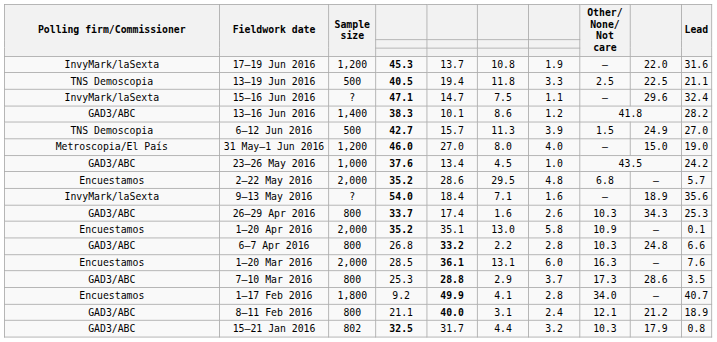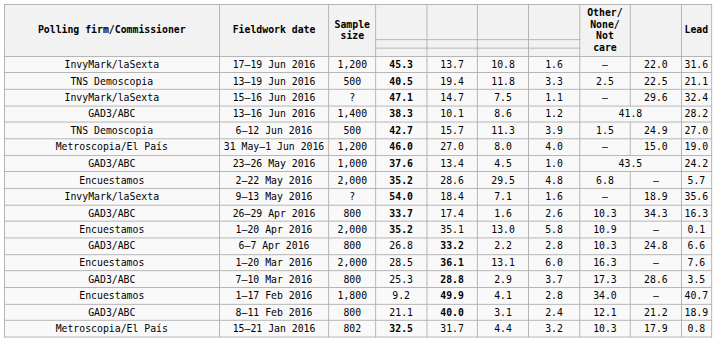 <table class="wikitable collapsible collapsed" style="text-align:center; font-size:90%; line-height:14px;">
 <tr style="height:42px;">
 <th style="width:250px;" rowspan="3">Polling firm/Commissioner</th>
 <th style="width:125px;" rowspan="3">Fieldwork date</th>
 <th style="width:50px;" rowspan="3">Sample size</th>
 <th style="width:55px;"></th>
 <th style="width:55px;"></th>
 <th style="width:55px;"></th>
 <th style="width:55px;"></th>
 <th style="width:55px;" rowspan="3">Other/<br>None/<br>Not<br>care</th>
 <th style="width:55px;" rowspan="3"></th>
 <th style="width:30px;" rowspan="3">Lead</th>
 </tr>
 <tr>
 <th style="color:inherit;background:"></th>
 <th style="color:inherit;background:"></th>
 <th style="color:inherit;background:"></th>
 <th style="color:inherit;background:"></th>
 </tr>
 <tr>
 <th></th>
 <th></th>
 <th></th>
 <th></th>
 </tr>
 <tr>
 <td>InvyMark/laSexta</td>
 <td>17–19 Jun 2016</td>
 <td>1,200</td>
 <td><strong>45.3</strong></td>
 <td>13.7</td>
 <td>10.8</td>
-<td>1.9</td>
+<td>1.6</td>
 <td>–</td>
 <td>22.0</td>
 <td style="background:">31.6</td>
 </tr>
 <tr>
 <td>TNS Demoscopia</td>
 <td>13–19 Jun 2016</td>
 <td>500</td>
 <td><strong>40.5</strong></td>
 <td>19.4</td>
 <td>11.8</td>
 <td>3.3</td>
 <td>2.5</td>
 <td>22.5</td>
 <td style="background:">21.1</td>
 </tr>
 <tr>
 <td>InvyMark/laSexta</td>
 <td>15–16 Jun 2016</td>
 <td>?</td>
 <td><strong>47.1</strong></td>
 <td>14.7</td>
 <td>7.5</td>
 <td>1.1</td>
 <td>–</td>
 <td>29.6</td>
 <td style="background:">32.4</td>
 </tr>
 <tr>
 <td>GAD3/ABC</td>
 <td>13–16 Jun 2016</td>
 <td>1,400</td>
 <td><strong>38.3</strong></td>
 <td>10.1</td>
 <td>8.6</td>
 <td>1.2</td>
 <td colspan="2">41.8</td>
 <td style="background:">28.2</td>
 </tr>
 <tr>
 <td>TNS Demoscopia</td>
 <td>6–12 Jun 2016</td>
 <td>500</td>
 <td><strong>42.7</strong></td>
 <td>15.7</td>
 <td>11.3</td>
 <td>3.9</td>
 <td>1.5</td>
 <td>24.9</td>
 <td style="background:">27.0</td>
 </tr>
 <tr>
 <td>Metroscopia/El País</td>
 <td>31 May–1 Jun 2016</td>
 <td>1,200</td>
 <td><strong>46.0</strong></td>
 <td>27.0</td>
 <td>8.0</td>
 <td>4.0</td>
 <td>–</td>
 <td>15.0</td>
 <td style="background:">19.0</td>
 </tr>
 <tr>
 <td>GAD3/ABC</td>
 <td>23–26 May 2016</td>
 <td>1,000</td>
 <td><strong>37.6</strong></td>
 <td>13.4</td>
 <td>4.5</td>
 <td>1.0</td>
 <td colspan="2">43.5</td>
 <td style="background:">24.2</td>
 </tr>
 <tr>
 <td>Encuestamos</td>
 <td>2–22 May 2016</td>
 <td>2,000</td>
 <td><strong>35.2</strong></td>
 <td>28.6</td>
 <td>29.5</td>
 <td>4.8</td>
 <td>6.8</td>
 <td>–</td>
 <td style="background:">5.7</td>
 </tr>
 <tr>
 <td>InvyMark/laSexta</td>
 <td>9–13 May 2016</td>
 <td>?</td>
 <td><strong>54.0</strong></td>
 <td>18.4</td>
 <td>7.1</td>
 <td>1.6</td>
 <td>–</td>
 <td>18.9</td>
 <td style="background:">35.6</td>
 </tr>
 <tr>
 <td>GAD3/ABC</td>
 <td>26–29 Apr 2016</td>
 <td>800</td>
 <td><strong>33.7</strong></td>
 <td>17.4</td>
 <td>1.6</td>
 <td>2.6</td>
 <td>10.3</td>
 <td>34.3</td>
-<td style="background:">25.3</td>
+<td style="background:">16.3</td>
 </tr>
 <tr>
 <td>Encuestamos</td>
 <td>1–20 Apr 2016</td>
 <td>2,000</td>
 <td><strong>35.2</strong></td>
 <td>35.1</td>
 <td>13.0</td>
 <td>5.8</td>
 <td>10.9</td>
 <td>–</td>
 <td style="background:">0.1</td>
 </tr>
 <tr>
 <td>GAD3/ABC</td>
 <td>6–7 Apr 2016</td>
 <td>800</td>
 <td>26.8</td>
 <td><strong>33.2</strong></td>
 <td>2.2</td>
 <td>2.8</td>
 <td>10.3</td>
 <td>24.8</td>
 <td style="background:">6.6</td>
 </tr>
 <tr>
 <td>Encuestamos</td>
 <td>1–20 Mar 2016</td>
 <td>2,000</td>
 <td>28.5</td>
 <td><strong>36.1</strong></td>
 <td>13.1</td>
 <td>6.0</td>
 <td>16.3</td>
 <td>–</td>
 <td style="background:">7.6</td>
 </tr>
 <tr>
 <td>GAD3/ABC</td>
 <td>7–10 Mar 2016</td>
 <td>800</td>
 <td>25.3</td>
 <td><strong>28.8</strong></td>
 <td>2.9</td>
 <td>3.7</td>
 <td>17.3</td>
 <td>28.6</td>
 <td style="background:">3.5</td>
 </tr>
 <tr>
 <td>Encuestamos</td>
 <td>1–17 Feb 2016</td>
 <td>1,800</td>
 <td>9.2</td>
 <td><strong>49.9</strong></td>
 <td>4.1</td>
 <td>2.8</td>
 <td>34.0</td>
 <td>–</td>
 <td style="background:">40.7</td>
 </tr>
 <tr>
 <td>GAD3/ABC</td>
 <td>8–11 Feb 2016</td>
 <td>800</td>
 <td>21.1</td>
 <td><strong>40.0</strong></td>
 <td>3.1</td>
 <td>2.4</td>
 <td>12.1</td>
 <td>21.2</td>
 <td style="background:">18.9</td>
 </tr>
 <tr>
-<td>GAD3/ABC</td>
+<td>Metroscopia/El País</td>
 <td>15–21 Jan 2016</td>
 <td>802</td>
 <td><strong>32.5</strong></td>
 <td>31.7</td>
 <td>4.4</td>
 <td>3.2</td>
 <td>10.3</td>
 <td>17.9</td>
 <td style="background:">0.8</td>
 </tr>
 </table>
